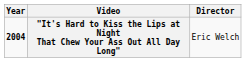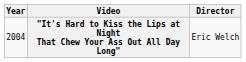 <table class="wikitable plainrowheaders">
 <tr>
 <th>Year</th>
 <th style="width:20em;">Video</th>
 <th>Director</th>
 </tr>
 <tr>
-<td><strong>2004</strong></td>
+<td>2004</td>
 <th scope="row">"It's Hard to Kiss the Lips at Night<br>That Chew Your Ass Out All Day Long"</th>
 <td>Eric Welch</td>
 </tr>
 </table>
